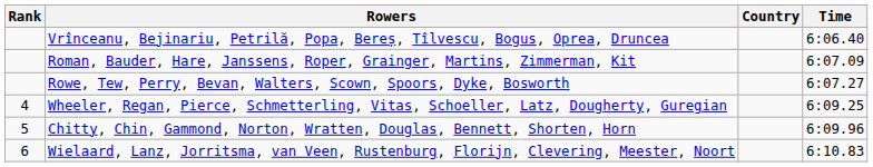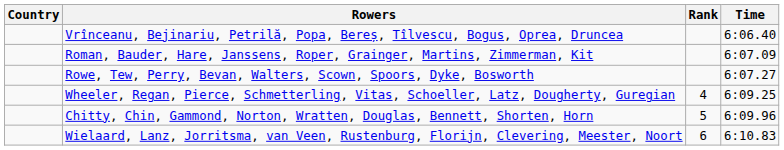 <table class="wikitable" style="text-align:center">
 <tr>
+<th>Country</th>
+<th>Rowers</th>
 <th>Rank</th>
-<th>Rowers</th>
-<th>Country</th>
 <th>Time</th>
 </tr>
 <tr>
+<td align="left"></td>
+<td align="left"><a href='#'>Vrînceanu</a>, <a href='#'>Bejinariu</a>, <a href='#'>Petrilă</a>, <a href='#'>Popa</a>, <a href='#'>Bereș</a>, <a href='#'>Tîlvescu</a>, <a href='#'>Bogus</a>, <a href='#'>Oprea</a>, <a href='#'>Druncea</a></td>
 <td></td>
-<td align="left"><a href='#'>Vrînceanu</a>, <a href='#'>Bejinariu</a>, <a href='#'>Petrilă</a>, <a href='#'>Popa</a>, <a href='#'>Bereș</a>, <a href='#'>Tîlvescu</a>, <a href='#'>Bogus</a>, <a href='#'>Oprea</a>, <a href='#'>Druncea</a></td>
-<td align="left"></td>
 <td>6:06.40</td>
 </tr>
 <tr>
+<td align="left"></td>
+<td align="left"><a href='#'>Roman</a>, <a href='#'>Bauder</a>, <a href='#'>Hare</a>, <a href='#'>Janssens</a>, <a href='#'>Roper</a>, <a href='#'>Grainger</a>, <a href='#'>Martins</a>, <a href='#'>Zimmerman</a>, <a href='#'>Kit</a></td>
 <td></td>
-<td align="left"><a href='#'>Roman</a>, <a href='#'>Bauder</a>, <a href='#'>Hare</a>, <a href='#'>Janssens</a>, <a href='#'>Roper</a>, <a href='#'>Grainger</a>, <a href='#'>Martins</a>, <a href='#'>Zimmerman</a>, <a href='#'>Kit</a></td>
-<td align="left"></td>
 <td>6:07.09</td>
 </tr>
 <tr>
+<td align="left"></td>
+<td align="left"><a href='#'>Rowe</a>, <a href='#'>Tew</a>, <a href='#'>Perry</a>, <a href='#'>Bevan</a>, <a href='#'>Walters</a>, <a href='#'>Scown</a>, <a href='#'>Spoors</a>, <a href='#'>Dyke</a>, <a href='#'>Bosworth</a></td>
 <td></td>
-<td align="left"><a href='#'>Rowe</a>, <a href='#'>Tew</a>, <a href='#'>Perry</a>, <a href='#'>Bevan</a>, <a href='#'>Walters</a>, <a href='#'>Scown</a>, <a href='#'>Spoors</a>, <a href='#'>Dyke</a>, <a href='#'>Bosworth</a></td>
-<td align="left"></td>
 <td>6:07.27</td>
 </tr>
 <tr>
+<td align="left"></td>
+<td align="left"><a href='#'>Wheeler</a>, <a href='#'>Regan</a>, <a href='#'>Pierce</a>, <a href='#'>Schmetterling</a>, <a href='#'>Vitas</a>, <a href='#'>Schoeller</a>, <a href='#'>Latz</a>, <a href='#'>Dougherty</a>, <a href='#'>Guregian</a></td>
 <td>4</td>
-<td align="left"><a href='#'>Wheeler</a>, <a href='#'>Regan</a>, <a href='#'>Pierce</a>, <a href='#'>Schmetterling</a>, <a href='#'>Vitas</a>, <a href='#'>Schoeller</a>, <a href='#'>Latz</a>, <a href='#'>Dougherty</a>, <a href='#'>Guregian</a></td>
-<td align="left"></td>
 <td>6:09.25</td>
 </tr>
 <tr>
+<td align="left"></td>
+<td align="left"><a href='#'>Chitty</a>, <a href='#'>Chin</a>, <a href='#'>Gammond</a>, <a href='#'>Norton</a>, <a href='#'>Wratten</a>, <a href='#'>Douglas</a>, <a href='#'>Bennett</a>, <a href='#'>Shorten</a>, <a href='#'>Horn</a></td>
 <td>5</td>
-<td align="left"><a href='#'>Chitty</a>, <a href='#'>Chin</a>, <a href='#'>Gammond</a>, <a href='#'>Norton</a>, <a href='#'>Wratten</a>, <a href='#'>Douglas</a>, <a href='#'>Bennett</a>, <a href='#'>Shorten</a>, <a href='#'>Horn</a></td>
-<td align="left"></td>
 <td>6:09.96</td>
 </tr>
 <tr>
+<td align="left"></td>
+<td align="left"><a href='#'>Wielaard</a>, <a href='#'>Lanz</a>, <a href='#'>Jorritsma</a>, <a href='#'>van Veen</a>, <a href='#'>Rustenburg</a>, <a href='#'>Florijn</a>, <a href='#'>Clevering</a>, <a href='#'>Meester</a>, <a href='#'>Noort</a></td>
 <td>6</td>
-<td align="left"><a href='#'>Wielaard</a>, <a href='#'>Lanz</a>, <a href='#'>Jorritsma</a>, <a href='#'>van Veen</a>, <a href='#'>Rustenburg</a>, <a href='#'>Florijn</a>, <a href='#'>Clevering</a>, <a href='#'>Meester</a>, <a href='#'>Noort</a></td>
-<td align="left"></td>
 <td>6:10.83</td>
 </tr>
 </table>
